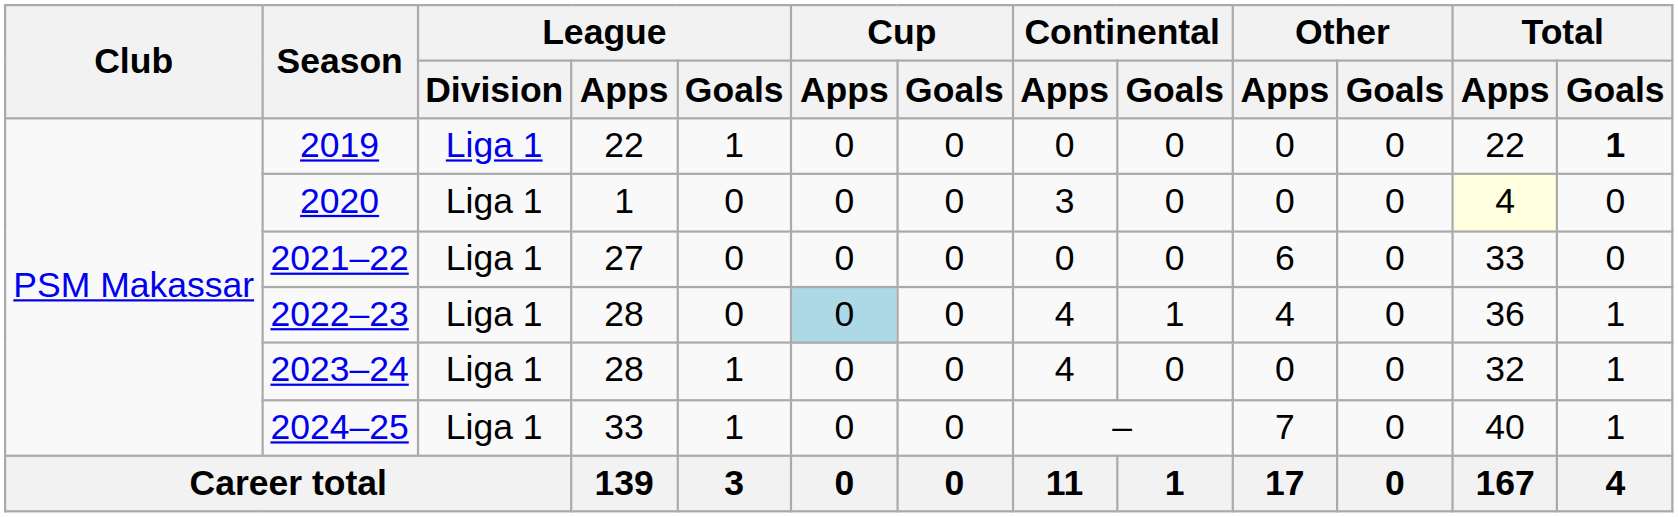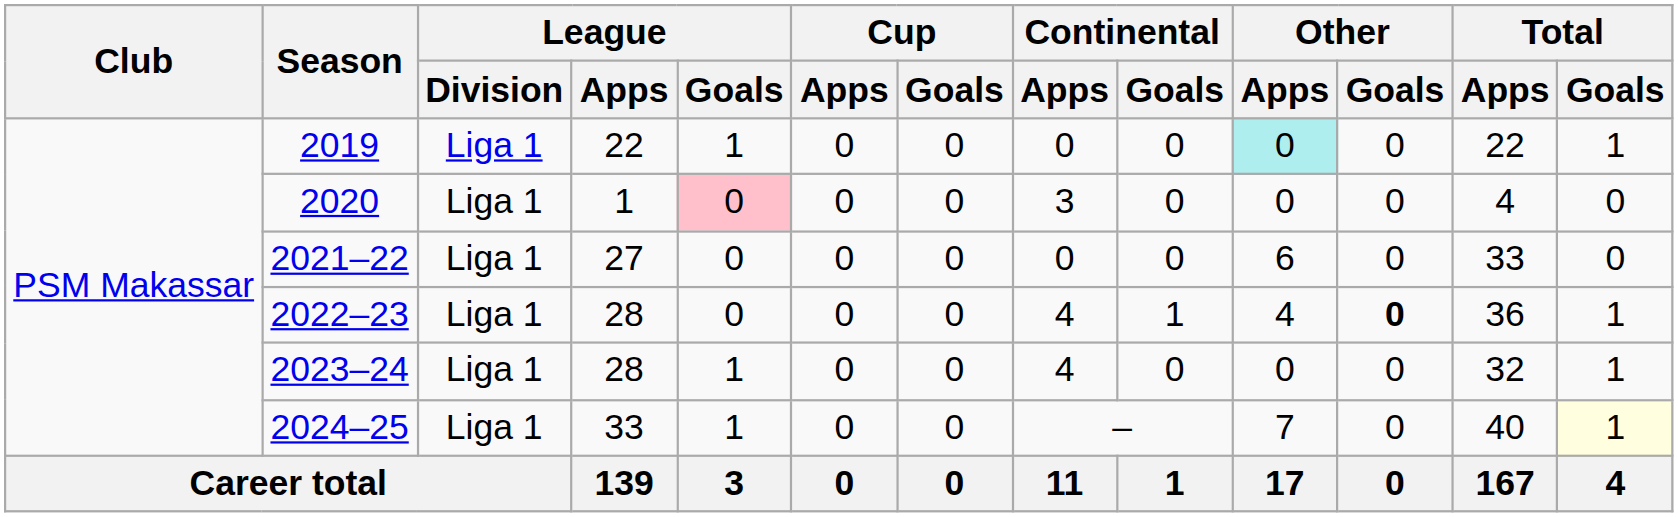 <table class="wikitable" style="text-align:center">
 <tr>
 <th rowspan="2">Club</th>
 <th rowspan="2">Season</th>
 <th colspan="3">League</th>
 <th colspan="2">Cup</th>
 <th colspan="2">Continental</th>
 <th colspan="2">Other</th>
 <th colspan="2">Total</th>
 </tr>
 <tr>
 <th>Division</th>
 <th>Apps</th>
 <th>Goals</th>
 <th>Apps</th>
 <th>Goals</th>
 <th>Apps</th>
 <th>Goals</th>
 <th>Apps</th>
 <th>Goals</th>
 <th>Apps</th>
 <th>Goals</th>
 </tr>
 <tr>
 <td rowspan="6" valign="center"><a href='#'>PSM Makassar</a></td>
 <td><a href='#'>2019</a></td>
 <td rowspan="1" valign="center"><a href='#'>Liga 1</a></td>
 <td>22</td>
 <td>1</td>
 <td>0</td>
 <td>0</td>
 <td>0</td>
 <td>0</td>
-<td>0</td>
+<td style="background: paleturquoise;">0</td>
 <td>0</td>
 <td>22</td>
-<td><strong>1</strong></td>
+<td>1</td>
 </tr>
 <tr>
 <td><a href='#'>2020</a></td>
 <td rowspan="1" valign="center">Liga 1</td>
 <td>1</td>
-<td>0</td>
+<td style="background: pink;">0</td>
 <td>0</td>
 <td>0</td>
 <td>3</td>
 <td>0</td>
 <td>0</td>
 <td>0</td>
-<td style="background: lightyellow;">4</td>
+<td>4</td>
 <td>0</td>
 </tr>
 <tr>
 <td><a href='#'>2021–22</a></td>
 <td rowspan="1" valign="center">Liga 1</td>
 <td>27</td>
 <td>0</td>
 <td>0</td>
 <td>0</td>
 <td>0</td>
 <td>0</td>
 <td>6</td>
 <td>0</td>
 <td>33</td>
 <td>0</td>
 </tr>
 <tr>
 <td><a href='#'>2022–23</a></td>
 <td>Liga 1</td>
 <td>28</td>
 <td>0</td>
-<td style="background: lightblue;">0</td>
+<td>0</td>
 <td>0</td>
 <td>4</td>
 <td>1</td>
 <td>4</td>
-<td>0</td>
+<td><strong>0</strong></td>
 <td>36</td>
 <td>1</td>
 </tr>
 <tr>
 <td><a href='#'>2023–24</a></td>
 <td>Liga 1</td>
 <td>28</td>
 <td>1</td>
 <td>0</td>
 <td>0</td>
 <td>4</td>
 <td>0</td>
 <td>0</td>
 <td>0</td>
 <td>32</td>
 <td>1</td>
 </tr>
 <tr>
 <td><a href='#'>2024–25</a></td>
 <td>Liga 1</td>
 <td>33</td>
 <td>1</td>
 <td>0</td>
 <td>0</td>
 <td colspan="2">–</td>
 <td>7</td>
 <td>0</td>
 <td>40</td>
-<td>1</td>
+<td style="background: lightyellow;">1</td>
 </tr>
 <tr>
 <th colspan="3">Career total</th>
 <th>139</th>
 <th>3</th>
 <th>0</th>
 <th>0</th>
 <th>11</th>
 <th>1</th>
 <th>17</th>
 <th>0</th>
 <th>167</th>
 <th>4</th>
 </tr>
 </table>
